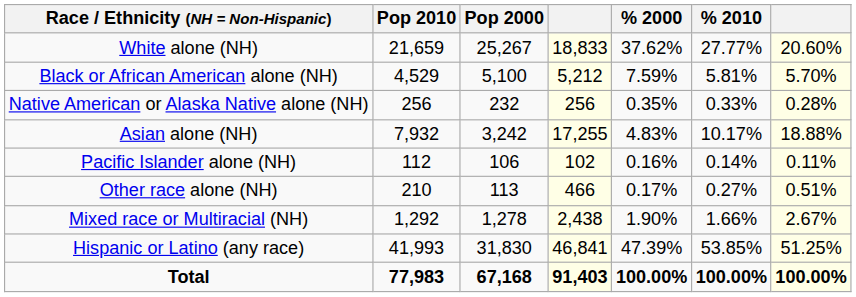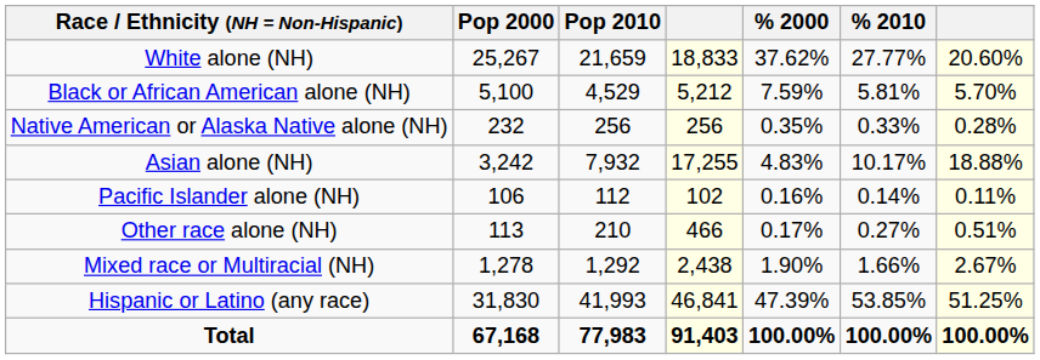 <table class="wikitable" style="text-align:center;">
 <tr>
 <th>Race / Ethnicity <small>(<em>NH = Non-Hispanic</em>)</small></th>
+<th>Pop 2000</th>
 <th>Pop 2010</th>
-<th>Pop 2000</th>
 <th></th>
 <th>% 2000</th>
 <th>% 2010</th>
 <th></th>
 </tr>
 <tr>
 <td><a href='#'>White</a> alone (NH)</td>
+<td>25,267</td>
 <td>21,659</td>
-<td>25,267</td>
 <td style='background: #ffffe6;'>18,833</td>
 <td>37.62%</td>
 <td>27.77%</td>
 <td style='background: #ffffe6;'>20.60%</td>
 </tr>
 <tr>
 <td><a href='#'>Black or African American</a> alone (NH)</td>
+<td>5,100</td>
 <td>4,529</td>
-<td>5,100</td>
 <td style='background: #ffffe6;'>5,212</td>
 <td>7.59%</td>
 <td>5.81%</td>
 <td style='background: #ffffe6;'>5.70%</td>
 </tr>
 <tr>
 <td><a href='#'>Native American</a> or <a href='#'>Alaska Native</a> alone (NH)</td>
+<td>232</td>
 <td>256</td>
-<td>232</td>
 <td style='background: #ffffe6;'>256</td>
 <td>0.35%</td>
 <td>0.33%</td>
 <td style='background: #ffffe6;'>0.28%</td>
 </tr>
 <tr>
 <td><a href='#'>Asian</a> alone (NH)</td>
+<td>3,242</td>
 <td>7,932</td>
-<td>3,242</td>
 <td style='background: #ffffe6;'>17,255</td>
 <td>4.83%</td>
 <td>10.17%</td>
 <td style='background: #ffffe6;'>18.88%</td>
 </tr>
 <tr>
 <td><a href='#'>Pacific Islander</a> alone (NH)</td>
+<td>106</td>
 <td>112</td>
-<td>106</td>
 <td style='background: #ffffe6;'>102</td>
 <td>0.16%</td>
 <td>0.14%</td>
 <td style='background: #ffffe6;'>0.11%</td>
 </tr>
 <tr>
 <td><a href='#'>Other race</a> alone (NH)</td>
+<td>113</td>
 <td>210</td>
-<td>113</td>
 <td style='background: #ffffe6;'>466</td>
 <td>0.17%</td>
 <td>0.27%</td>
 <td style='background: #ffffe6;'>0.51%</td>
 </tr>
 <tr>
 <td><a href='#'>Mixed race or Multiracial</a> (NH)</td>
+<td>1,278</td>
 <td>1,292</td>
-<td>1,278</td>
 <td style='background: #ffffe6;'>2,438</td>
 <td>1.90%</td>
 <td>1.66%</td>
 <td style='background: #ffffe6;'>2.67%</td>
 </tr>
 <tr>
 <td><a href='#'>Hispanic or Latino</a> (any race)</td>
+<td>31,830</td>
 <td>41,993</td>
-<td>31,830</td>
 <td style='background: #ffffe6;'>46,841</td>
 <td>47.39%</td>
 <td>53.85%</td>
 <td style='background: #ffffe6;'>51.25%</td>
 </tr>
 <tr>
 <td><strong>Total</strong></td>
+<td><strong>67,168</strong></td>
 <td><strong>77,983</strong></td>
-<td><strong>67,168</strong></td>
 <td style='background: #ffffe6;'><strong>91,403</strong></td>
 <td><strong>100.00%</strong></td>
 <td><strong>100.00%</strong></td>
 <td style='background: #ffffe6;'><strong>100.00%</strong></td>
 </tr>
 </table>
